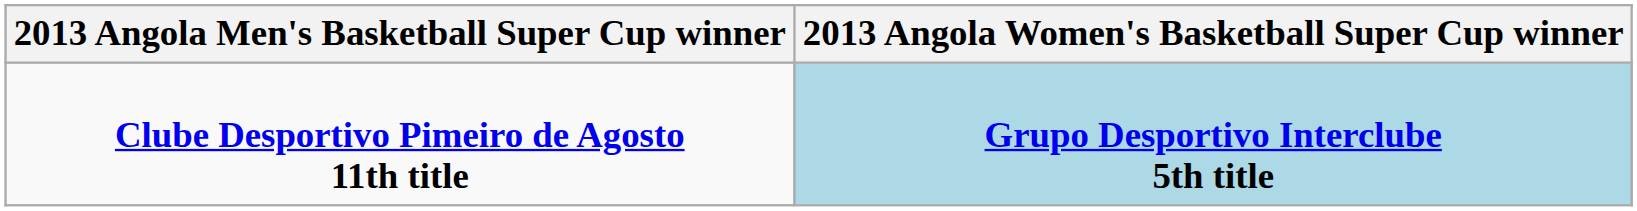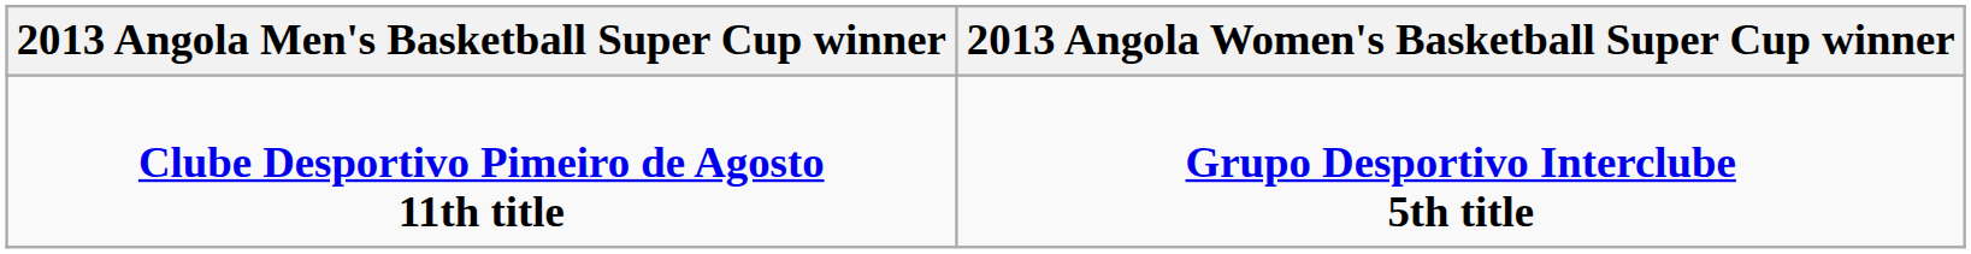 <table class=wikitable style="text-align:center; margin:auto">
 <tr>
 <th>2013 Angola Men's Basketball Super Cup winner</th>
 <th>2013 Angola Women's Basketball Super Cup winner</th>
 </tr>
 <tr>
 <td><br><strong><a href='#'>Clube Desportivo Pimeiro de Agosto</a></strong><br><strong>11th title</strong></td>
-<td style="background: lightblue;"><br><strong><a href='#'>Grupo Desportivo Interclube</a></strong><br><strong>5th title</strong></td>
+<td><br><strong><a href='#'>Grupo Desportivo Interclube</a></strong><br><strong>5th title</strong></td>
 </tr>
 </table>
